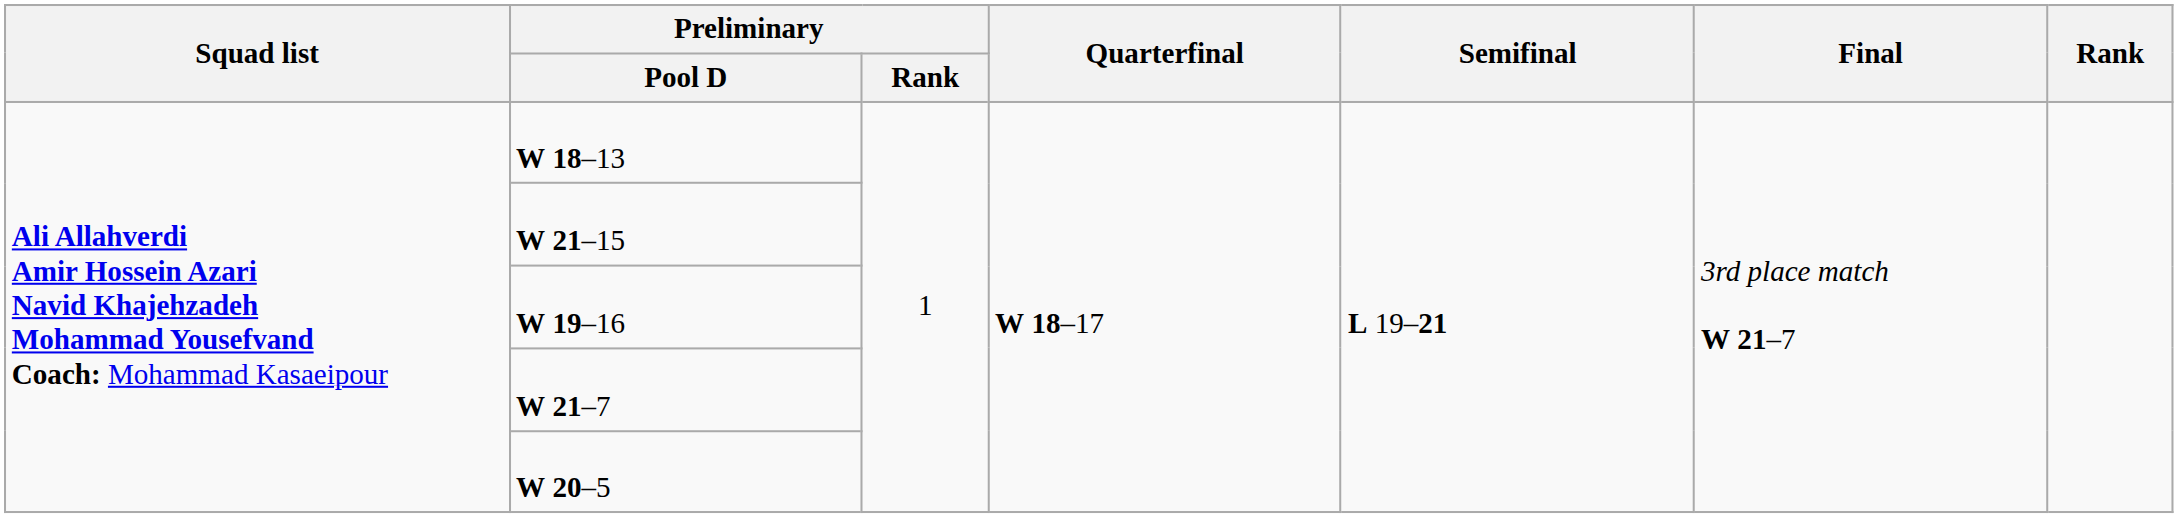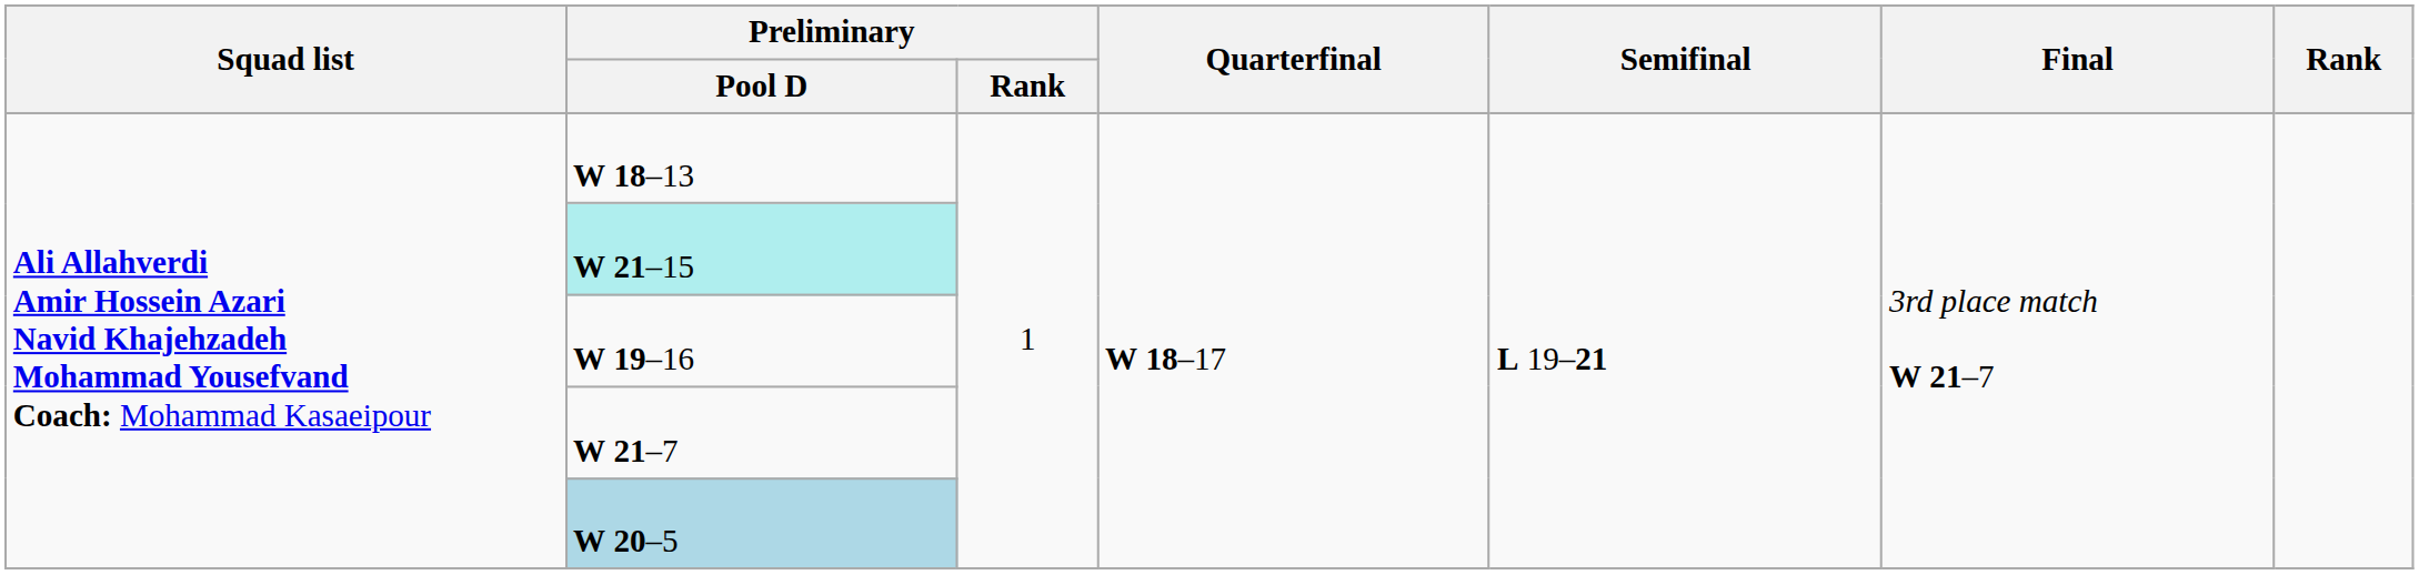 <table class="wikitable" width="85%" style="text-align:left; font-size:90%">
 <tr>
 <th rowspan="2" width="20%">Squad list</th>
 <th colspan="2">Preliminary</th>
 <th rowspan="2" width="14%">Quarterfinal</th>
 <th rowspan="2" width="14%">Semifinal</th>
 <th rowspan="2" width="14%">Final</th>
 <th rowspan="2" width="5%">Rank</th>
 </tr>
 <tr>
 <th width="14%">Pool D</th>
 <th width="5%">Rank</th>
 </tr>
 <tr>
 <td rowspan="5"><strong><a href='#'>Ali Allahverdi</a><br><a href='#'>Amir Hossein Azari</a><br><a href='#'>Navid Khajehzadeh</a><br><a href='#'>Mohammad Yousefvand</a><br> Coach:</strong> <a href='#'>Mohammad Kasaeipour</a></td>
 <td><br><strong>W</strong> <strong>18</strong>–13</td>
 <td rowspan="5" align=center>1 <strong></strong></td>
 <td rowspan="5"><br><strong>W</strong> <strong>18</strong>–17</td>
 <td rowspan="5"><br><strong>L</strong> 19–<strong>21</strong></td>
 <td rowspan="5"><em>3rd place match</em><br><br><strong>W</strong> <strong>21</strong>–7</td>
 <td rowspan="5" align="center"></td>
 </tr>
 <tr>
-<td><br><strong>W</strong> <strong>21</strong>–15</td>
+<td style="background: paleturquoise;"><br><strong>W</strong> <strong>21</strong>–15</td>
 </tr>
 <tr>
 <td><br><strong>W</strong> <strong>19</strong>–16</td>
 </tr>
 <tr>
 <td><br><strong>W</strong> <strong>21</strong>–7</td>
 </tr>
 <tr>
-<td><br><strong>W</strong> <strong>20</strong>–5</td>
+<td style="background: lightblue;"><br><strong>W</strong> <strong>20</strong>–5</td>
 </tr>
 </table>
